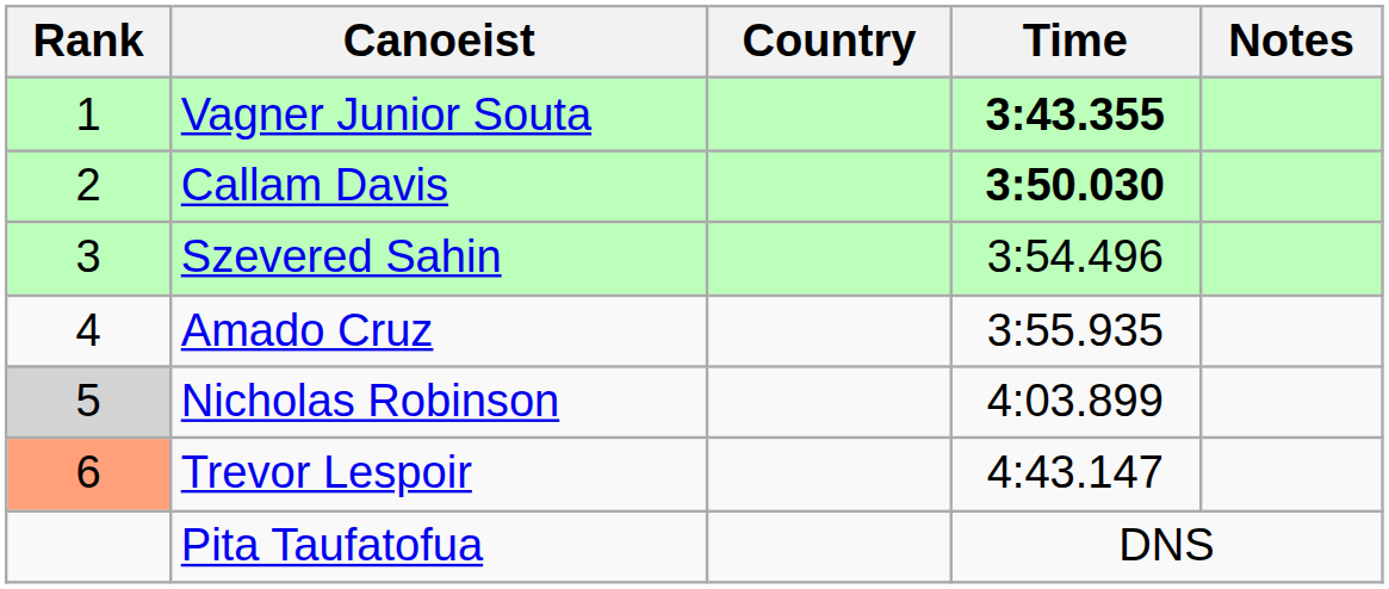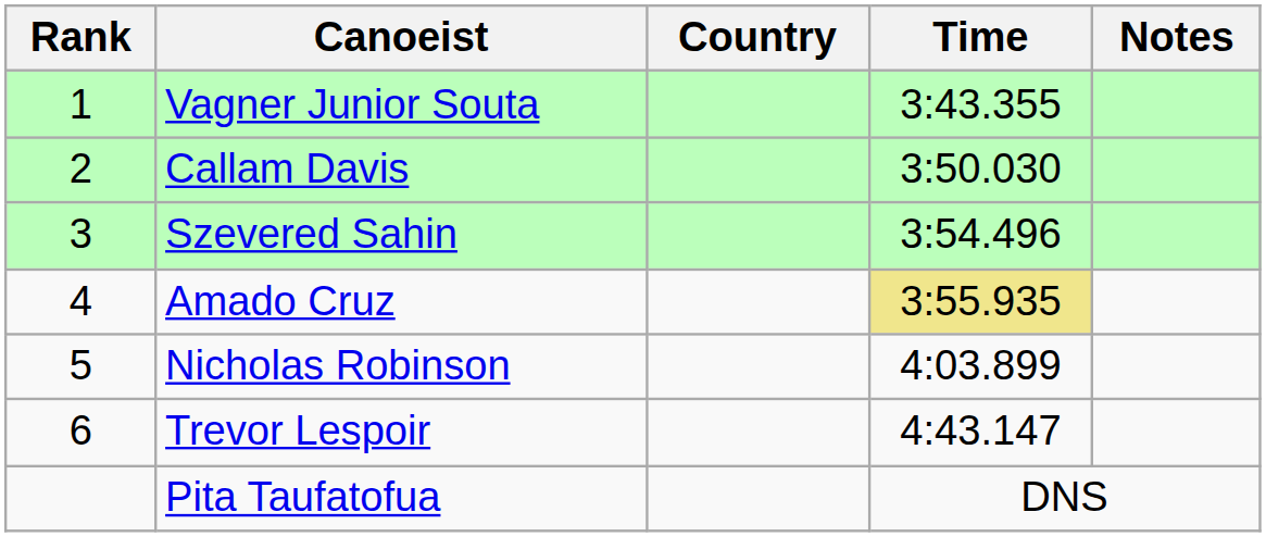 <table class="wikitable" style="text-align:center;width: 55%">
 <tr>
 <th>Rank</th>
 <th>Canoeist</th>
 <th>Country</th>
 <th>Time</th>
 <th>Notes</th>
 </tr>
 <tr bgcolor=bbffbb>
 <td>1</td>
 <td align="left"><a href='#'>Vagner Junior Souta</a></td>
 <td align="left"></td>
-<td><strong>3:43.355</strong></td>
+<td>3:43.355</td>
 <td></td>
 </tr>
 <tr bgcolor=bbffbb>
 <td>2</td>
 <td align="left"><a href='#'>Callam Davis</a></td>
 <td align="left"></td>
-<td><strong>3:50.030</strong></td>
+<td>3:50.030</td>
 <td></td>
 </tr>
 <tr bgcolor=bbffbb>
 <td>3</td>
 <td align="left"><a href='#'>Szevered Sahin</a></td>
 <td align="left"></td>
 <td>3:54.496</td>
 <td></td>
 </tr>
 <tr>
 <td>4</td>
 <td align="left"><a href='#'>Amado Cruz</a></td>
 <td align="left"></td>
-<td>3:55.935</td>
+<td style="background: khaki;">3:55.935</td>
 <td></td>
 </tr>
 <tr>
-<td style="background: lightgrey;">5</td>
+<td>5</td>
 <td align="left"><a href='#'>Nicholas Robinson</a></td>
 <td align="left"></td>
 <td>4:03.899</td>
 <td></td>
 </tr>
 <tr>
-<td style="background: lightsalmon;">6</td>
+<td>6</td>
 <td align="left"><a href='#'>Trevor Lespoir</a></td>
 <td align="left"></td>
 <td>4:43.147</td>
 <td></td>
 </tr>
 <tr>
 <td></td>
 <td align="left"><a href='#'>Pita Taufatofua</a></td>
 <td align="left"></td>
 <td colspan=2>DNS</td>
 </tr>
 </table>
